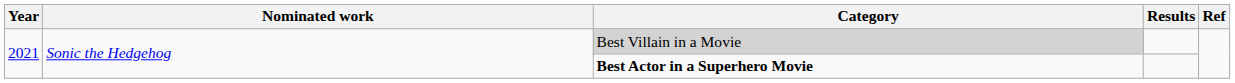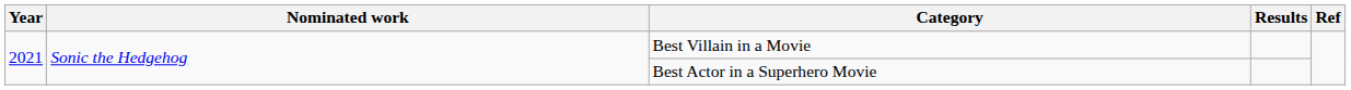 <table class="wikitable">
 <tr>
 <th scope="col" style="width:1em;">Year</th>
 <th scope="col" style="width:35em;">Nominated work</th>
 <th scope="col" style="width:35em;">Category</th>
 <th scope="col" style="width:1em;">Results</th>
 <th scope="col" style="width:1em;">Ref</th>
 </tr>
 <tr>
 <td rowspan="2"><a href='#'>2021</a></td>
 <td rowspan="2"><em><a href='#'>Sonic the Hedgehog</a></em></td>
-<td style="background: lightgrey;">Best Villain in a Movie</td>
+<td>Best Villain in a Movie</td>
 <td></td>
 <td rowspan="2"></td>
 </tr>
 <tr>
-<td><strong>Best Actor in a Superhero Movie</strong></td>
+<td>Best Actor in a Superhero Movie</td>
 <td></td>
 </tr>
 </table>
